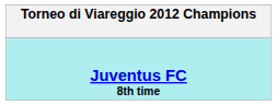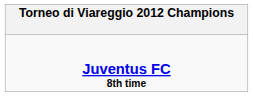 <table class="wikitable" style="margin: 0 auto; width: 30%;">
 <tr>
 <th><big>Torneo di Viareggio 2012 Champions</big><br><br></th>
 </tr>
 <tr>
-<td align=center style="background: paleturquoise;"><br><br><big><big><strong><a href='#'>Juventus FC</a></strong><br></big></big><strong>8th time</strong></td>
+<td align=center><br><br><big><big><strong><a href='#'>Juventus FC</a></strong><br></big></big><strong>8th time</strong></td>
 </tr>
 </table>
